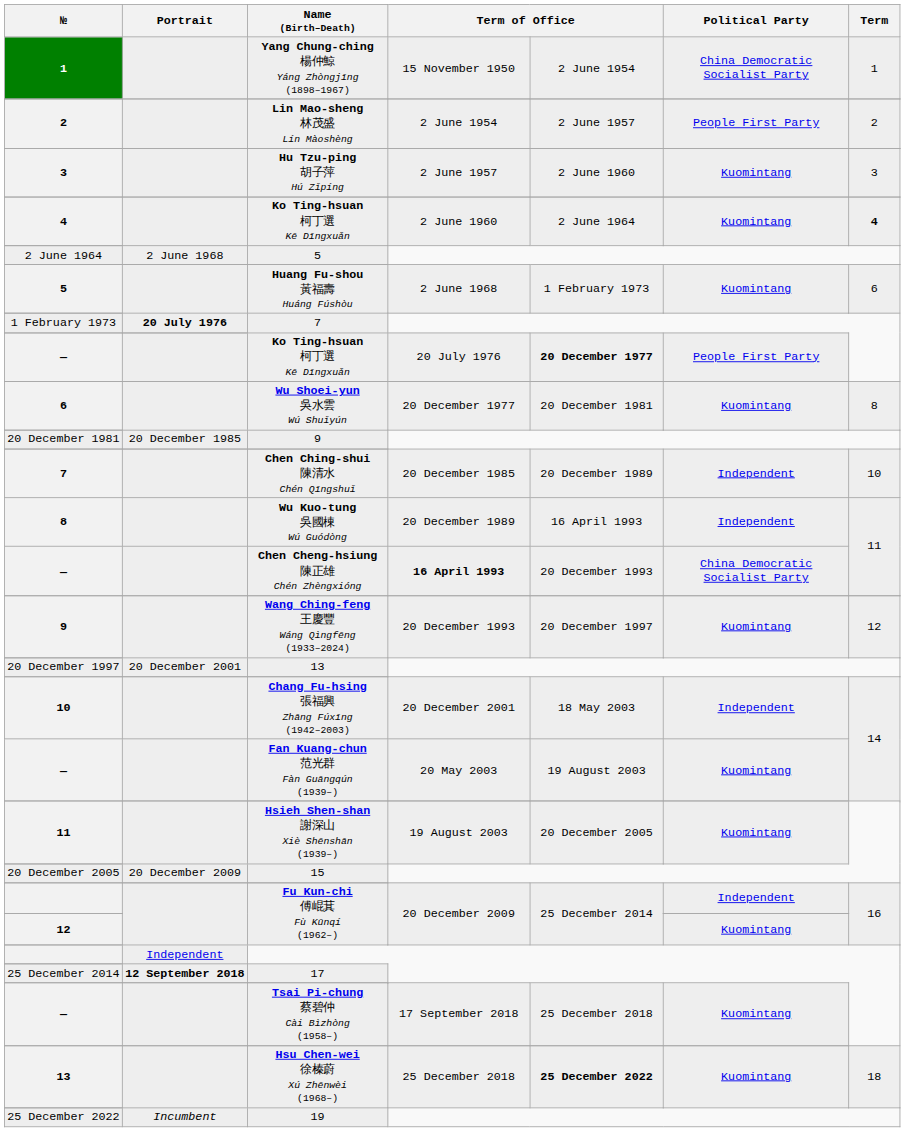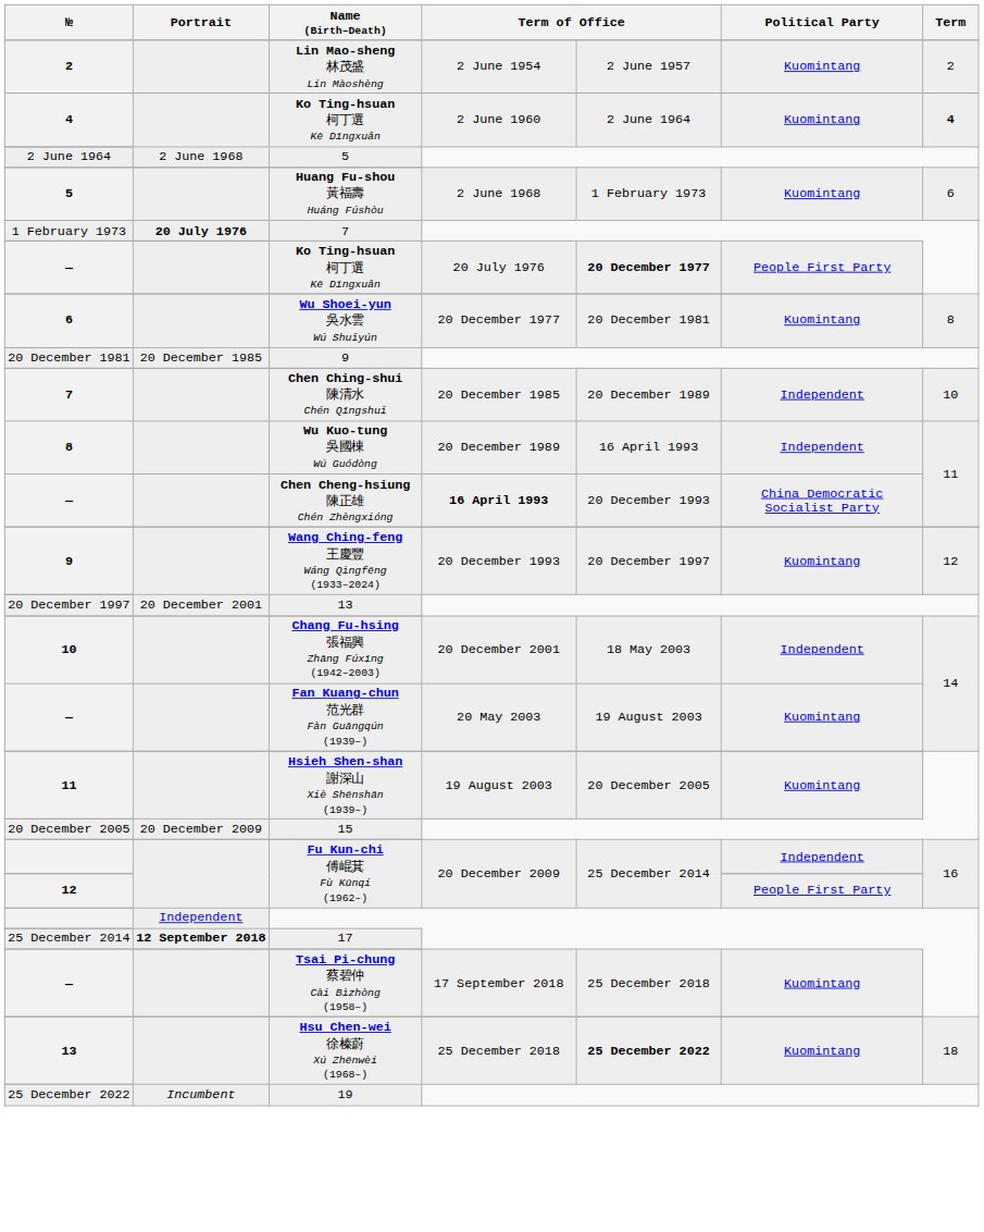 <table class="wikitable" style="text-align:center">
 <tr ->
 <th>№</th>
 <th>Portrait</th>
 <th width="150">Name<br><small>(Birth–Death)</small></th>
 <th colspan=2 width="300">Term of Office</th>
 <th width="200">Political Party</th>
 <th width = "50">Term</th>
 </tr>
-<tr - bgcolor=#EEEEEE>
-<th style="background:#008000; color:white;">1</th>
-<td></td>
-<td><strong>Yang Chung-ching</strong><br><span>楊仲鯨</span><br><small><em>Yáng Zhòngjīng </em><br>(1898–1967)</small></td>
-<td>15 November 1950</td>
-<td>2 June 1954</td>
-<td><a href='#'>China Democratic Socialist Party</a></td>
-<td>1</td>
-</tr>
 <tr ->
 </tr>
 <tr - bgcolor=#EEEEEE>
 <th style="background:">2</th>
 <td></td>
 <td><strong>Lin Mao-sheng</strong><br><span>林茂盛</span><br><small><em>Lín Màoshèng </em><br> </small></td>
 <td>2 June 1954</td>
 <td>2 June 1957</td>
-<td><a href='#'>People First Party</a></td>
+<td><a href='#'>Kuomintang</a></td>
 <td>2</td>
 </tr>
 <tr ->
-</tr>
-<tr - bgcolor=#EEEEEE>
-<th style="background:">3</th>
-<td></td>
-<td><strong>Hu Tzu-ping</strong><br><span>胡子萍</span><br><small><em>Hú Zǐpíng </em><br></small></td>
-<td>2 June 1957</td>
-<td>2 June 1960</td>
-<td><a href='#'>Kuomintang</a></td>
-<td>3</td>
 </tr>
 <tr ->
 </tr>
 <tr - bgcolor=#EEEEEE>
 <th style="background:">4</th>
 <td rowspan=2></td>
 <td rowspan=2><strong>Ko Ting-hsuan</strong><br><span>柯丁選</span><br><small><em>Kē Dīngxuǎn </em><br></small></td>
 <td>2 June 1960</td>
 <td>2 June 1964</td>
 <td rowspan=2><a href='#'>Kuomintang</a></td>
 <td><strong>4</strong></td>
 </tr>
 <tr ->
 </tr>
 <tr - bgcolor=#EEEEEE>
 <td>2 June 1964</td>
 <td>2 June 1968</td>
 <td>5</td>
 </tr>
 <tr ->
 </tr>
 <tr - bgcolor=#EEEEEE>
 <th style="background:">5</th>
 <td rowspan=2></td>
 <td rowspan=2><strong>Huang Fu-shou</strong><br><span>黃福壽</span><br><small><em> Huáng Fúshòu</em><br></small></td>
 <td>2 June 1968</td>
 <td>1 February 1973</td>
 <td rowspan=2><a href='#'>Kuomintang</a></td>
 <td>6</td>
 </tr>
 <tr ->
 </tr>
 <tr - bgcolor=#EEEEEE>
 <td>1 February 1973</td>
 <td><strong>20 July 1976</strong></td>
 <td rowspan=2>7</td>
 </tr>
 <tr ->
 </tr>
 <tr - bgcolor=#EEEEEE>
 <th style="background:">—</th>
 <td></td>
 <td><strong>Ko Ting-hsuan</strong><br><span>柯丁選</span><br><small><em>Kē Dīngxuǎn </em><br></small></td>
 <td>20 July 1976</td>
 <td><strong>20 December 1977</strong></td>
 <td><a href='#'>People First Party</a></td>
 </tr>
 <tr ->
 </tr>
 <tr - bgcolor=#EEEEEE>
 <th style="background:">6</th>
 <td rowspan=2></td>
 <td rowspan=2><strong><a href='#'>Wu Shoei-yun</a></strong><br><span>吳水雲</span><br><small><em> Wú Shuǐyún</em><br></small></td>
 <td>20 December 1977</td>
 <td>20 December 1981</td>
 <td rowspan=2><a href='#'>Kuomintang</a></td>
 <td>8</td>
 </tr>
 <tr ->
 </tr>
 <tr - bgcolor=#EEEEEE>
 <td>20 December 1981</td>
 <td>20 December 1985</td>
 <td>9</td>
 </tr>
 <tr ->
 </tr>
 <tr - bgcolor=#EEEEEE>
 <th style="background:">7</th>
 <td></td>
 <td><strong>Chen Ching-shui</strong><br><span>陳清水</span><br><small><em>Chén Qīngshuǐ </em><br></small></td>
 <td>20 December 1985</td>
 <td>20 December 1989</td>
 <td><a href='#'>Independent</a></td>
 <td>10</td>
 </tr>
 <tr - bgcolor=#EEEEEE>
 <th style="background:">8</th>
 <td></td>
 <td><strong>Wu Kuo-tung</strong><br><span>吳國棟</span><br><small><em>Wú Guódòng </em><br></small></td>
 <td>20 December 1989</td>
 <td>16 April 1993</td>
 <td><a href='#'>Independent</a></td>
 <td rowspan=2>11</td>
 </tr>
 <tr - bgcolor=#EEEEEE>
 <th style="background:">—</th>
 <td></td>
 <td><strong>Chen Cheng-hsiung</strong><br><span>陳正雄</span><br><small><em>Chén Zhèngxióng </em><br></small></td>
 <td><strong>16 April 1993</strong></td>
 <td>20 December 1993</td>
 <td><a href='#'>China Democratic Socialist Party</a></td>
 </tr>
 <tr ->
 </tr>
 <tr - bgcolor=#EEEEEE>
 <th style="background:">9</th>
 <td rowspan=2></td>
 <td rowspan=2><strong><a href='#'>Wang Ching-feng</a></strong><br><span>王慶豐</span><br><small><em>Wáng Qìngfēng </em><br>(1933–2024)</small></td>
 <td>20 December 1993</td>
 <td>20 December 1997</td>
 <td rowspan=2><a href='#'>Kuomintang</a></td>
 <td>12</td>
 </tr>
 <tr ->
 </tr>
 <tr - bgcolor=#EEEEEE>
 <td>20 December 1997</td>
 <td>20 December 2001</td>
 <td>13</td>
 </tr>
 <tr ->
 </tr>
 <tr - bgcolor=#EEEEEE>
 <th style="background:">10</th>
 <td></td>
 <td><strong><a href='#'>Chang Fu-hsing</a></strong><br><span>張福興</span><br><small><em>Zhāng Fúxīng </em><br>(1942–2003)</small></td>
 <td>20 December 2001</td>
 <td>18 May 2003</td>
 <td><a href='#'>Independent</a></td>
 <td rowspan=3>14</td>
 </tr>
 <tr - bgcolor=#EEEEEE>
 <th style="background:">—</th>
 <td></td>
 <td><strong><a href='#'>Fan Kuang-chun</a></strong><br><span>范光群</span><br><small><em>Fàn Guāngqún </em><br>(1939–)</small></td>
 <td>20 May 2003</td>
 <td>19 August 2003</td>
 <td><a href='#'>Kuomintang</a></td>
 </tr>
 <tr ->
 </tr>
 <tr - bgcolor=#EEEEEE>
 <th style="background:">11</th>
 <td rowspan=2></td>
 <td rowspan=2><strong><a href='#'>Hsieh Shen-shan</a></strong><br><span>謝深山</span><br><small><em>Xiè Shēnshān </em><br>(1939–)</small></td>
 <td>19 August 2003</td>
 <td>20 December 2005</td>
 <td rowspan=2><a href='#'>Kuomintang</a></td>
 </tr>
 <tr ->
 </tr>
 <tr - bgcolor=#EEEEEE>
 <td>20 December 2005</td>
 <td>20 December 2009</td>
 <td>15</td>
 </tr>
 <tr ->
 </tr>
 <tr - bgcolor=#EEEEEE>
 <th style="background:"></th>
 <td rowspan=4></td>
 <td rowspan=4><strong><a href='#'>Fu Kun-chi</a></strong><br><span>傅崐萁 </span><br><small><em>Fù Kūnqí </em><br>(1962–)</small></td>
 <td rowspan=3>20 December 2009</td>
 <td rowspan=3>25 December 2014</td>
 <td><a href='#'>Independent</a></td>
 <td rowspan=3>16</td>
 </tr>
 <tr ->
 </tr>
 <tr - bgcolor=#EEEEEE>
 <th style="background:">12</th>
-<td><a href='#'>Kuomintang</a></td>
+<td><a href='#'>People First Party</a></td>
 </tr>
 <tr ->
 </tr>
 <tr - bgcolor=#EEEEEE>
 <th style="background:"></th>
 <td rowspan=2><a href='#'>Independent</a></td>
 </tr>
 <tr ->
 </tr>
 <tr - bgcolor=#EEEEEE>
 <td>25 December 2014</td>
 <td><strong>12 September 2018</strong></td>
 <td rowspan=2>17</td>
 </tr>
 <tr>
 </tr>
 <tr ->
 </tr>
 <tr - bgcolor=#EEEEEE>
 <th style="background:">—</th>
 <td></td>
 <td><strong><a href='#'>Tsai Pi-chung</a></strong><br><span>蔡碧仲</span><br><small><em>Cài Bìzhòng </em><br>(1958–)</small></td>
 <td>17 September 2018</td>
 <td>25 December 2018</td>
 <td><a href='#'>Kuomintang</a></td>
 </tr>
 <tr ->
 </tr>
 <tr - bgcolor=#EEEEEE>
 <th style="background:">13</th>
 <td rowspan=2></td>
 <td rowspan=2><strong><a href='#'>Hsu Chen-wei</a></strong><br><span>徐榛蔚</span><br><small><em>Xú Zhēnwèi </em><br>(1968–)</small></td>
 <td>25 December 2018</td>
 <td><strong>25 December 2022</strong></td>
 <td rowspan=2><a href='#'>Kuomintang</a></td>
 <td>18</td>
 </tr>
 <tr ->
 </tr>
 <tr - bgcolor=#EEEEEE>
 <td>25 December 2022</td>
 <td><em>Incumbent</em></td>
 <td>19</td>
 </tr>
 </table>
